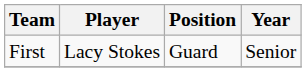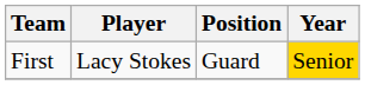 <table class="wikitable" border="1">
 <tr align=center>
 <th style= >Team</th>
 <th style= >Player</th>
 <th style= >Position</th>
 <th style= >Year</th>
 </tr>
 <tr>
 <td>First</td>
 <td>Lacy Stokes</td>
 <td>Guard</td>
-<td>Senior</td>
+<td style="background: gold;">Senior</td>
 </tr>
 <tr>
 </tr>
 </table>
